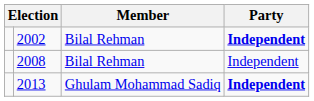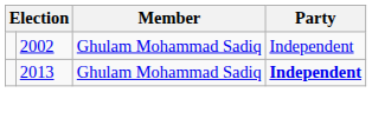 <table class="wikitable">
 <tr>
 <th colspan="2">Election</th>
 <th>Member</th>
 <th>Party</th>
 </tr>
 <tr>
 <td style="background-color: "></td>
 <td><a href='#'>2002</a></td>
-<td><a href='#'>Bilal Rehman</a></td>
-<td><strong><a href='#'>Independent</a></strong></td>
-</tr>
-<tr>
-<td style="background-color: "></td>
-<td><a href='#'>2008</a></td>
-<td><a href='#'>Bilal Rehman</a></td>
+<td><a href='#'>Ghulam Mohammad Sadiq</a></td>
 <td><a href='#'>Independent</a></td>
 </tr>
 <tr>
 <td style="background-color: "></td>
 <td><a href='#'>2013</a></td>
 <td><a href='#'>Ghulam Mohammad Sadiq</a></td>
 <td><strong><a href='#'>Independent</a></strong></td>
 </tr>
 </table>
